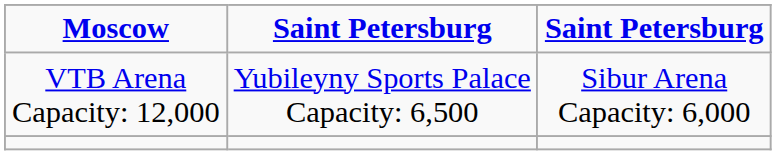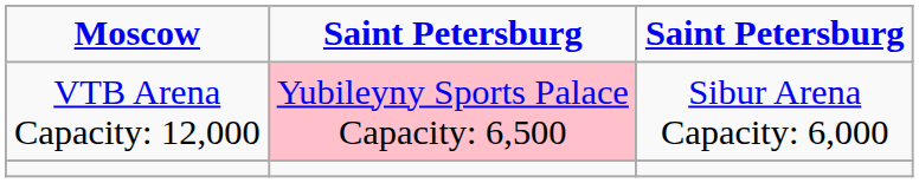 <table class="wikitable" style="text-align:center;">
 <tr>
 <td><strong><a href='#'>Moscow</a></strong></td>
 <td><strong><a href='#'>Saint Petersburg</a></strong></td>
 <td><strong><a href='#'>Saint Petersburg</a></strong></td>
 </tr>
 <tr>
 <td><a href='#'>VTB Arena</a><br>Capacity: 12,000</td>
-<td><a href='#'>Yubileyny Sports Palace</a><br>Capacity: 6,500</td>
+<td style="background: pink;"><a href='#'>Yubileyny Sports Palace</a><br>Capacity: 6,500</td>
 <td><a href='#'>Sibur Arena</a><br>Capacity: 6,000</td>
 </tr>
 <tr>
 <td></td>
 <td></td>
 <td></td>
 </tr>
 </table>
